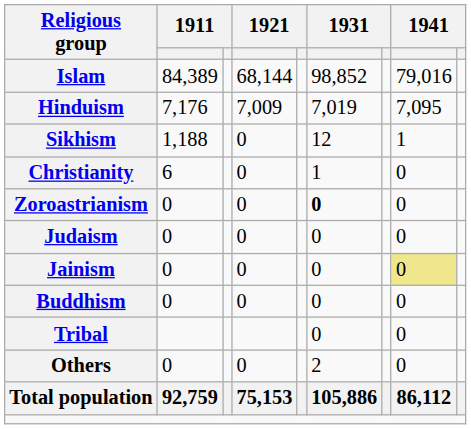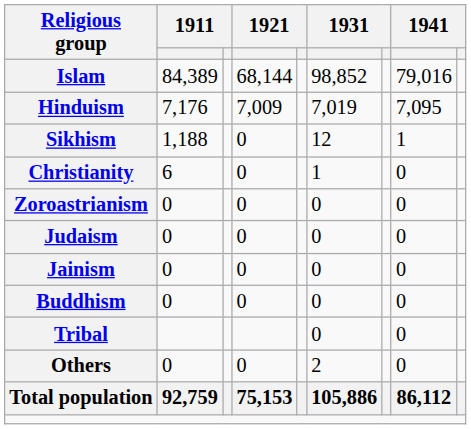 <table class="wikitable sortable">
 <tr>
 <th rowspan="2"><a href='#'>Religious</a><br>group</th>
 <th colspan="2">1911</th>
 <th colspan="2">1921</th>
 <th colspan="2">1931</th>
 <th colspan="2">1941</th>
 </tr>
 <tr>
 <th><a href='#'></a></th>
 <th></th>
 <th></th>
 <th></th>
 <th></th>
 <th></th>
 <th></th>
 <th></th>
 </tr>
 <tr>
 <th><a href='#'>Islam</a> </th>
 <td>84,389</td>
 <td></td>
 <td>68,144</td>
 <td></td>
 <td>98,852</td>
 <td></td>
 <td>79,016</td>
 <td></td>
 </tr>
 <tr>
 <th><a href='#'>Hinduism</a> </th>
 <td>7,176</td>
 <td></td>
 <td>7,009</td>
 <td></td>
 <td>7,019</td>
 <td></td>
 <td>7,095</td>
 <td></td>
 </tr>
 <tr>
 <th><a href='#'>Sikhism</a> </th>
 <td>1,188</td>
 <td></td>
 <td>0</td>
 <td></td>
 <td>12</td>
 <td></td>
 <td>1</td>
 <td></td>
 </tr>
 <tr>
 <th><a href='#'>Christianity</a> </th>
 <td>6</td>
 <td></td>
 <td>0</td>
 <td></td>
 <td>1</td>
 <td></td>
 <td>0</td>
 <td></td>
 </tr>
 <tr>
 <th><a href='#'>Zoroastrianism</a> </th>
 <td>0</td>
 <td></td>
 <td>0</td>
 <td></td>
-<td><strong>0</strong></td>
+<td>0</td>
 <td></td>
 <td>0</td>
 <td></td>
 </tr>
 <tr>
 <th><a href='#'>Judaism</a> </th>
 <td>0</td>
 <td></td>
 <td>0</td>
 <td></td>
 <td>0</td>
 <td></td>
 <td>0</td>
 <td></td>
 </tr>
 <tr>
 <th><a href='#'>Jainism</a> </th>
 <td>0</td>
 <td></td>
 <td>0</td>
 <td></td>
 <td>0</td>
 <td></td>
-<td style="background: khaki;">0</td>
+<td>0</td>
 <td></td>
 </tr>
 <tr>
 <th><a href='#'>Buddhism</a> </th>
 <td>0</td>
 <td></td>
 <td>0</td>
 <td></td>
 <td>0</td>
 <td></td>
 <td>0</td>
 <td></td>
 </tr>
 <tr>
 <th><a href='#'>Tribal</a></th>
 <td></td>
 <td></td>
 <td></td>
 <td></td>
 <td>0</td>
 <td></td>
 <td>0</td>
 <td></td>
 </tr>
 <tr>
 <th>Others</th>
 <td>0</td>
 <td></td>
 <td>0</td>
 <td></td>
 <td>2</td>
 <td></td>
 <td>0</td>
 <td></td>
 </tr>
 <tr>
 <th>Total population</th>
 <th>92,759</th>
 <th></th>
 <th>75,153</th>
 <th></th>
 <th>105,886</th>
 <th></th>
 <th>86,112</th>
 <th></th>
 </tr>
 <tr class="sortbottom">
 <td colspan="11"></td>
 </tr>
 </table>
